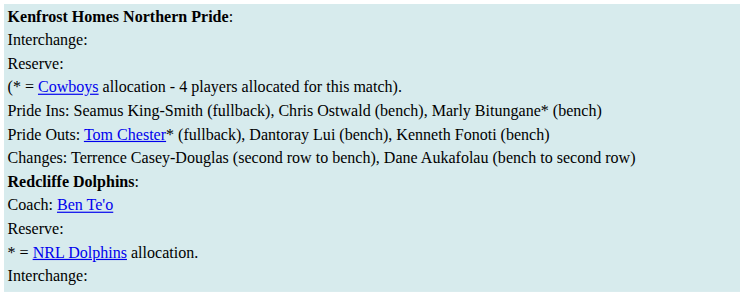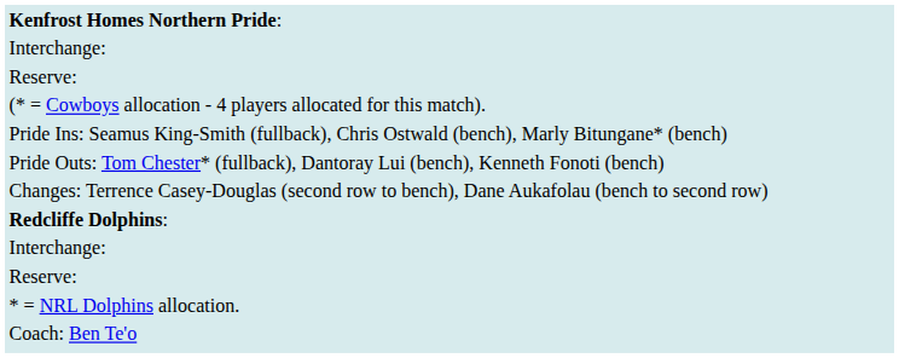 <table style="background:#d7ebed; font-size:85%; width:100%;">
 <tr>
 <td><strong>Kenfrost Homes Northern Pride</strong>:             </td>
 </tr>
 <tr>
 <td>Interchange:    </td>
 </tr>
 <tr>
 <td>Reserve: </td>
 </tr>
 <tr>
 <td>(* = <a href='#'>Cowboys</a> allocation - 4 players allocated for this match).</td>
 </tr>
 <tr>
 <td>Pride Ins: Seamus King-Smith (fullback), Chris Ostwald (bench), Marly Bitungane* (bench)</td>
 </tr>
 <tr>
 <td>Pride Outs: <a href='#'>Tom Chester</a>* (fullback), Dantoray Lui (bench), Kenneth Fonoti (bench)</td>
 </tr>
 <tr>
 <td>Changes: Terrence Casey-Douglas (second row to bench), Dane Aukafolau (bench to second row)</td>
 </tr>
 <tr>
 <td><strong>Redcliffe Dolphins</strong>:             </td>
 </tr>
 <tr>
-<td>Coach: <a href='#'>Ben Te'o</a></td>
+<td>Interchange:    </td>
 </tr>
 <tr>
 <td>Reserve: </td>
 </tr>
 <tr>
 <td>* = <a href='#'>NRL Dolphins</a> allocation.</td>
 </tr>
 <tr>
-<td>Interchange:    </td>
+<td>Coach: <a href='#'>Ben Te'o</a></td>
 </tr>
 <tr>
 </tr>
 </table>
